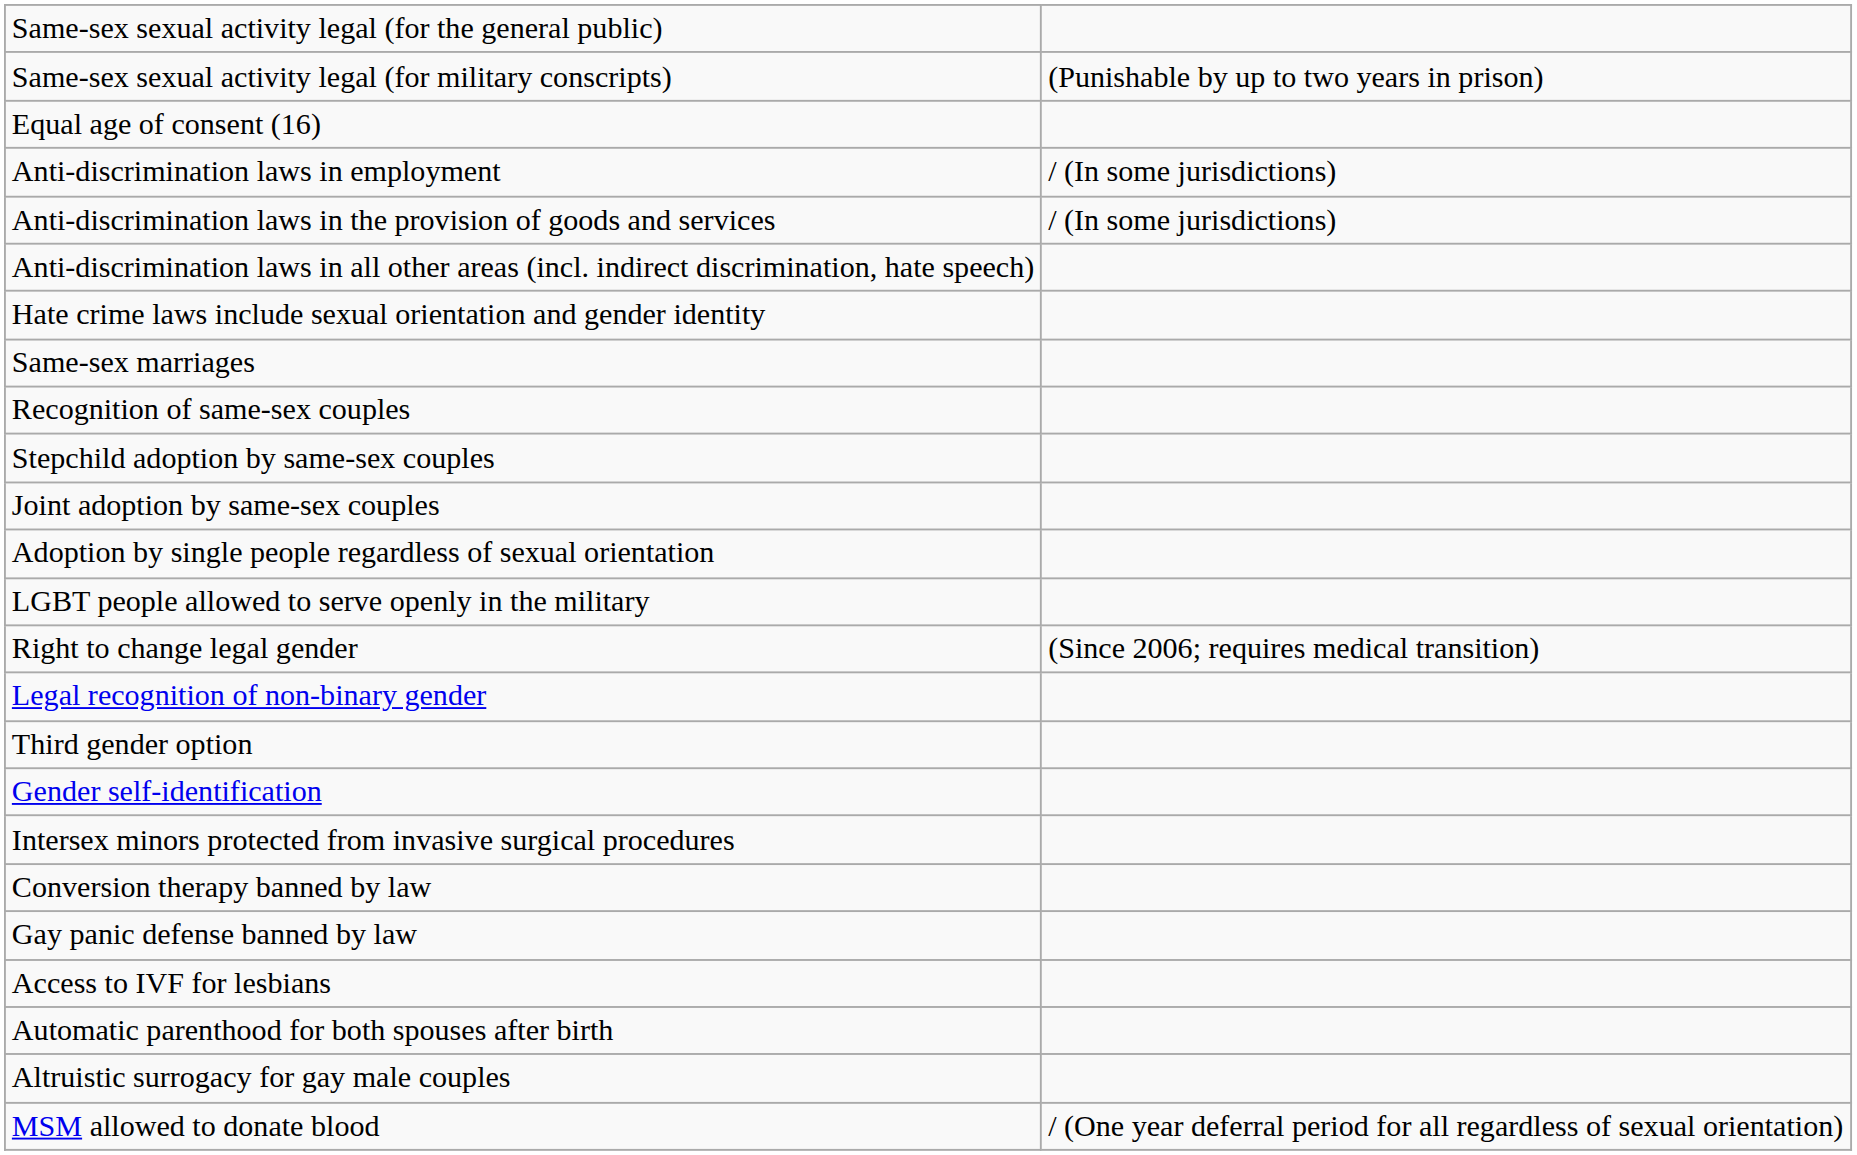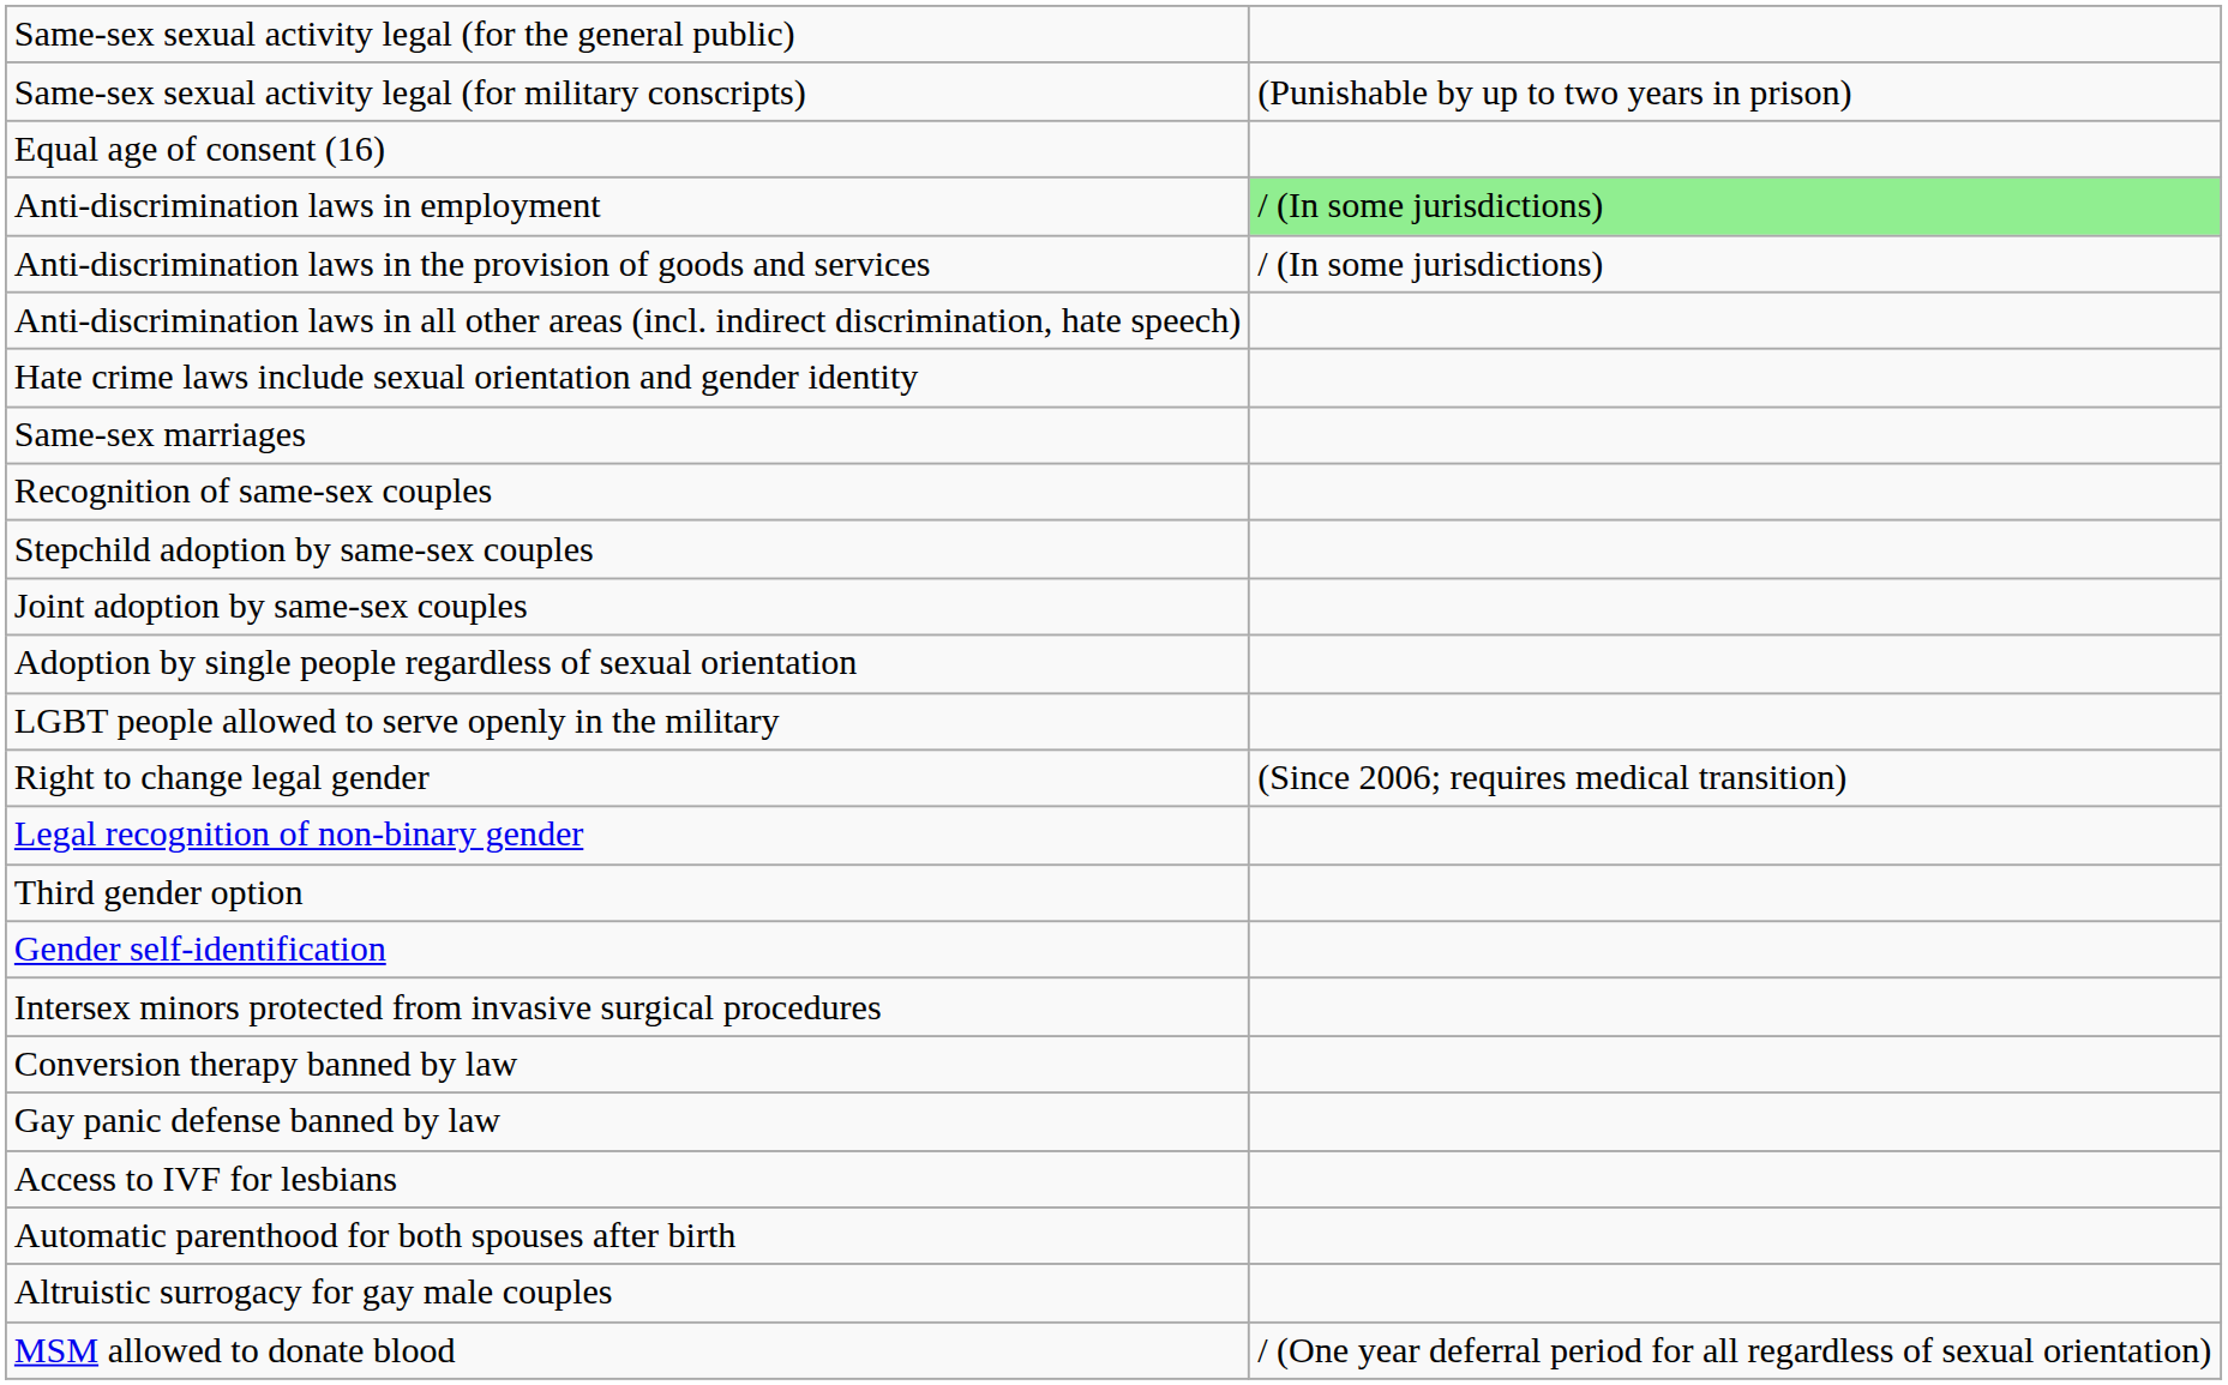 <table class="wikitable">
 <tr>
 <td>Same-sex sexual activity legal (for the general public)</td>
 <td></td>
 </tr>
 <tr>
 <td>Same-sex sexual activity legal (for military conscripts)</td>
 <td> (Punishable by up to two years in prison)</td>
 </tr>
 <tr>
 <td>Equal age of consent (16)</td>
 <td></td>
 </tr>
 <tr>
 <td>Anti-discrimination laws in employment</td>
-<td>/ (In some jurisdictions)</td>
+<td style="background: lightgreen;">/ (In some jurisdictions)</td>
 </tr>
 <tr>
 <td>Anti-discrimination laws in the provision of goods and services</td>
 <td>/ (In some jurisdictions)</td>
 </tr>
 <tr>
 <td>Anti-discrimination laws in all other areas (incl. indirect discrimination, hate speech)</td>
 <td></td>
 </tr>
 <tr>
 <td>Hate crime laws include sexual orientation and gender identity</td>
 <td></td>
 </tr>
 <tr>
 <td>Same-sex marriages</td>
 <td></td>
 </tr>
 <tr>
 <td>Recognition of same-sex couples</td>
 <td></td>
 </tr>
 <tr>
 <td>Stepchild adoption by same-sex couples</td>
 <td></td>
 </tr>
 <tr>
 <td>Joint adoption by same-sex couples</td>
 <td></td>
 </tr>
 <tr>
 <td>Adoption by single people regardless of sexual orientation</td>
 <td></td>
 </tr>
 <tr>
 <td>LGBT people allowed to serve openly in the military</td>
 <td></td>
 </tr>
 <tr>
 <td>Right to change legal gender</td>
 <td> (Since 2006; requires medical transition)</td>
 </tr>
 <tr>
 <td><a href='#'>Legal recognition of non-binary gender</a></td>
 <td></td>
 </tr>
 <tr>
 <td>Third gender option</td>
 <td></td>
 </tr>
 <tr>
 <td><a href='#'>Gender self-identification</a></td>
 <td></td>
 </tr>
 <tr>
 <td>Intersex minors protected from invasive surgical procedures</td>
 <td></td>
 </tr>
 <tr>
 <td>Conversion therapy banned by law</td>
 <td></td>
 </tr>
 <tr>
 <td>Gay panic defense banned by law</td>
 <td></td>
 </tr>
 <tr>
 <td>Access to IVF for lesbians</td>
 <td></td>
 </tr>
 <tr>
 <td>Automatic parenthood for both spouses after birth</td>
 <td></td>
 </tr>
 <tr>
 <td>Altruistic surrogacy for gay male couples</td>
 <td></td>
 </tr>
 <tr>
 <td><a href='#'>MSM</a> allowed to donate blood</td>
 <td>/ (One year deferral period for all regardless of sexual orientation)</td>
 </tr>
 </table>
